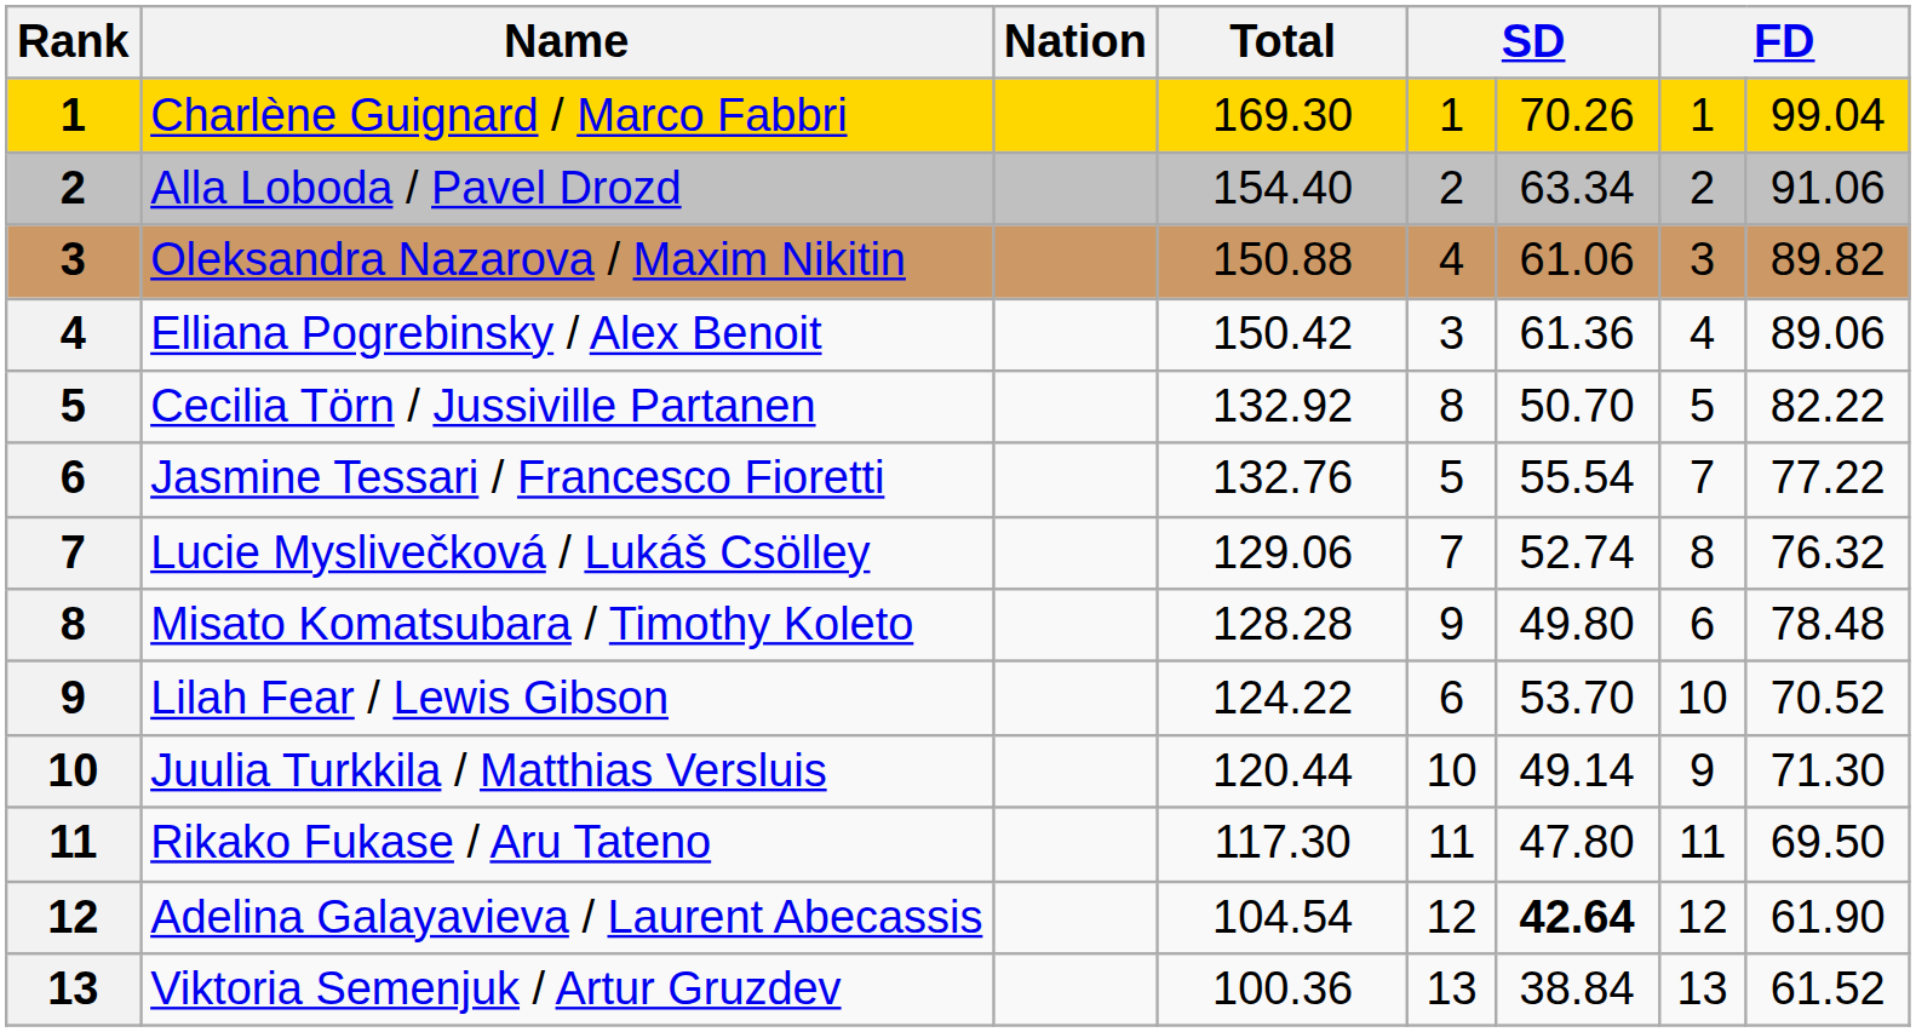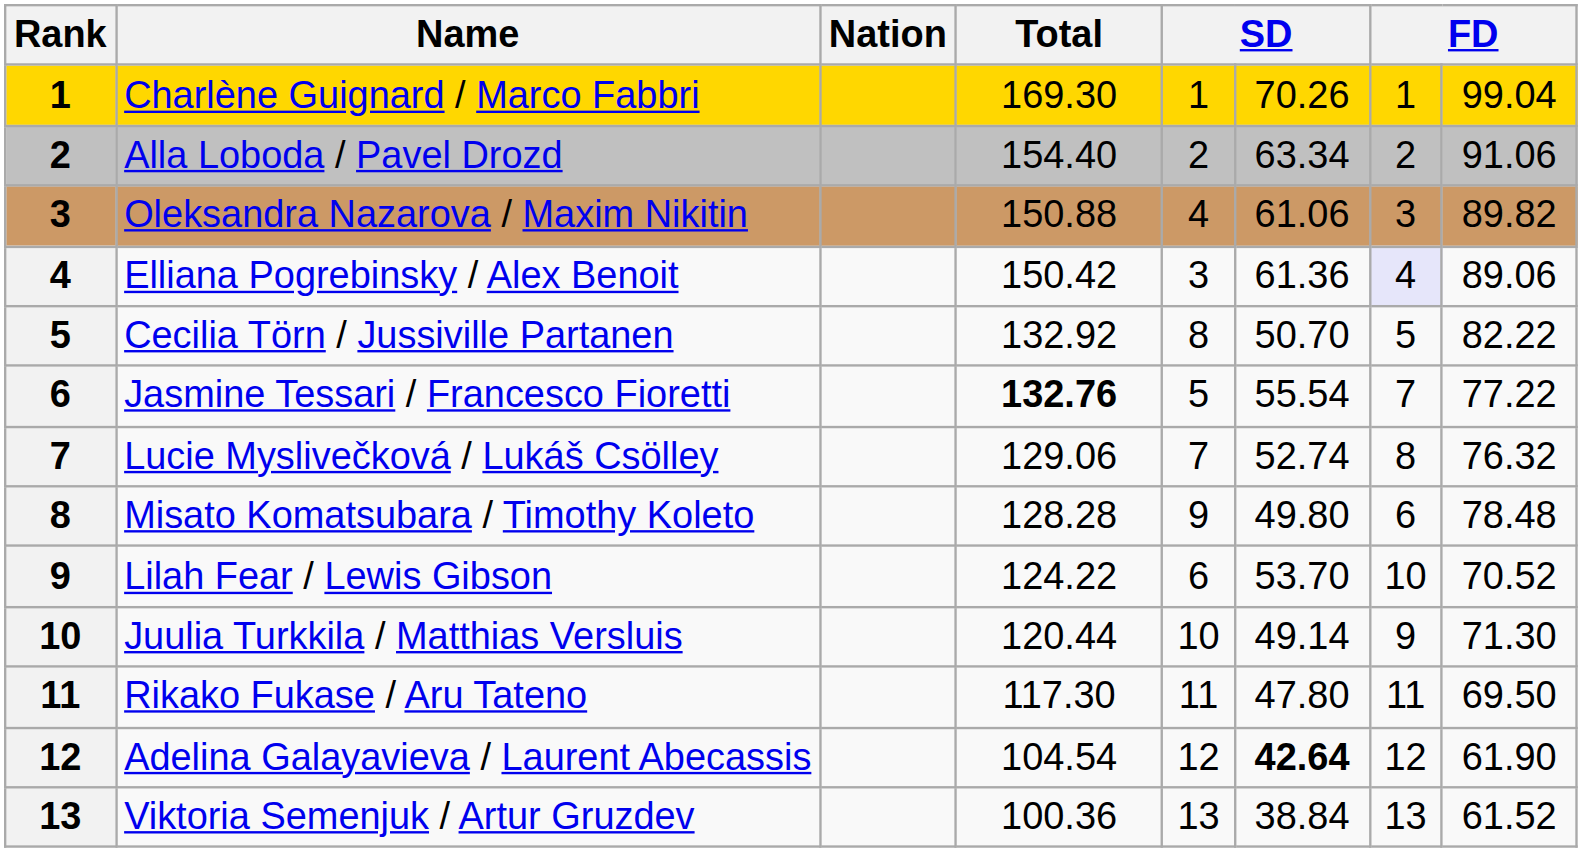 <table class="wikitable sortable">
 <tr>
 <th>Rank</th>
 <th>Name</th>
 <th>Nation</th>
 <th width="80px">Total</th>
 <th colspan="2" width="80px"><a href='#'>SD</a></th>
 <th colspan="2" width="80px"><a href='#'>FD</a></th>
 </tr>
 <tr bgcolor="gold">
 <td align="center"><strong>1</strong></td>
 <td><a href='#'>Charlène Guignard</a> / <a href='#'>Marco Fabbri</a></td>
 <td></td>
 <td align="center">169.30</td>
 <td align="center">1</td>
 <td align="center">70.26</td>
 <td align="center">1</td>
 <td align="center">99.04</td>
 </tr>
 <tr bgcolor="silver">
 <td align="center"><strong>2</strong></td>
 <td><a href='#'>Alla Loboda</a> / <a href='#'>Pavel Drozd</a></td>
 <td></td>
 <td align="center">154.40</td>
 <td align="center">2</td>
 <td align="center">63.34</td>
 <td align="center">2</td>
 <td align="center">91.06</td>
 </tr>
 <tr bgcolor="cc9966">
 <td align="center"><strong>3</strong></td>
 <td><a href='#'>Oleksandra Nazarova</a> / <a href='#'>Maxim Nikitin</a></td>
 <td></td>
 <td align="center">150.88</td>
 <td align="center">4</td>
 <td align="center">61.06</td>
 <td align="center">3</td>
 <td align="center">89.82</td>
 </tr>
 <tr>
 <th>4</th>
 <td><a href='#'>Elliana Pogrebinsky</a> / <a href='#'>Alex Benoit</a></td>
 <td></td>
 <td align="center">150.42</td>
 <td align="center">3</td>
 <td align="center">61.36</td>
-<td align="center">4</td>
+<td align="center" style="background: lavender;">4</td>
 <td align="center">89.06</td>
 </tr>
 <tr>
 <th>5</th>
 <td><a href='#'>Cecilia Törn</a> / <a href='#'>Jussiville Partanen</a></td>
 <td></td>
 <td align="center">132.92</td>
 <td align="center">8</td>
 <td align="center">50.70</td>
 <td align="center">5</td>
 <td align="center">82.22</td>
 </tr>
 <tr>
 <th>6</th>
 <td><a href='#'>Jasmine Tessari</a> / <a href='#'>Francesco Fioretti</a></td>
 <td></td>
-<td align="center">132.76</td>
+<td align="center"><strong>132.76</strong></td>
 <td align="center">5</td>
 <td align="center">55.54</td>
 <td align="center">7</td>
 <td align="center">77.22</td>
 </tr>
 <tr>
 <th>7</th>
 <td><a href='#'>Lucie Myslivečková</a> / <a href='#'>Lukáš Csölley</a></td>
 <td></td>
 <td align="center">129.06</td>
 <td align="center">7</td>
 <td align="center">52.74</td>
 <td align="center">8</td>
 <td align="center">76.32</td>
 </tr>
 <tr>
 <th>8</th>
 <td><a href='#'>Misato Komatsubara</a> / <a href='#'>Timothy Koleto</a></td>
 <td></td>
 <td align="center">128.28</td>
 <td align="center">9</td>
 <td align="center">49.80</td>
 <td align="center">6</td>
 <td align="center">78.48</td>
 </tr>
 <tr>
 <th>9</th>
 <td><a href='#'>Lilah Fear</a> / <a href='#'>Lewis Gibson</a></td>
 <td></td>
 <td align="center">124.22</td>
 <td align="center">6</td>
 <td align="center">53.70</td>
 <td align="center">10</td>
 <td align="center">70.52</td>
 </tr>
 <tr>
 <th>10</th>
 <td><a href='#'>Juulia Turkkila</a> / <a href='#'>Matthias Versluis</a></td>
 <td></td>
 <td align="center">120.44</td>
 <td align="center">10</td>
 <td align="center">49.14</td>
 <td align="center">9</td>
 <td align="center">71.30</td>
 </tr>
 <tr>
 <th>11</th>
 <td><a href='#'>Rikako Fukase</a> / <a href='#'>Aru Tateno</a></td>
 <td></td>
 <td align="center">117.30</td>
 <td align="center">11</td>
 <td align="center">47.80</td>
 <td align="center">11</td>
 <td align="center">69.50</td>
 </tr>
 <tr>
 <th>12</th>
 <td><a href='#'>Adelina Galayavieva</a> / <a href='#'>Laurent Abecassis</a></td>
 <td></td>
 <td align="center">104.54</td>
 <td align="center">12</td>
 <td align="center"><strong>42.64</strong></td>
 <td align="center">12</td>
 <td align="center">61.90</td>
 </tr>
 <tr>
 <th>13</th>
 <td><a href='#'>Viktoria Semenjuk</a> / <a href='#'>Artur Gruzdev</a></td>
 <td></td>
 <td align="center">100.36</td>
 <td align="center">13</td>
 <td align="center">38.84</td>
 <td align="center">13</td>
 <td align="center">61.52</td>
 </tr>
 </table>
